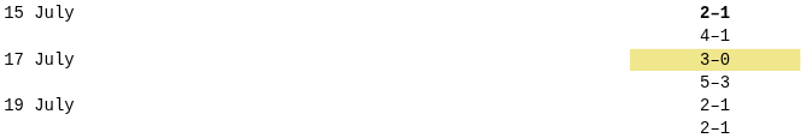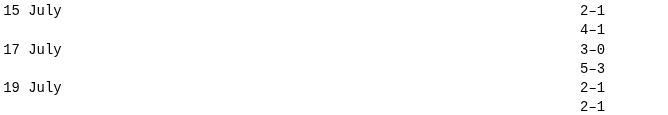 <table cellspacing=1 width=70%>
 <tr>
 <th width=25%></th>
 <th width=30%></th>
 <th width=15%></th>
 <th width=30%></th>
 </tr>
 <tr>
 <td>15 July</td>
 <td align=right></td>
-<td align=center><strong>2–1</strong></td>
+<td align=center>2–1</td>
 <td></td>
 </tr>
 <tr>
 <td></td>
 <td align=right></td>
 <td align=center>4–1</td>
 <td></td>
 </tr>
 <tr>
 <td>17 July</td>
 <td align=right></td>
-<td align=center style="background: khaki;">3–0</td>
+<td align=center>3–0</td>
 <td></td>
 </tr>
 <tr>
 <td></td>
 <td align=right></td>
 <td align=center>5–3</td>
 <td></td>
 </tr>
 <tr>
 <td>19 July</td>
 <td align=right></td>
 <td align=center>2–1</td>
 <td></td>
 </tr>
 <tr>
 <td></td>
 <td align=right></td>
 <td align=center>2–1</td>
 <td></td>
 </tr>
 </table>
